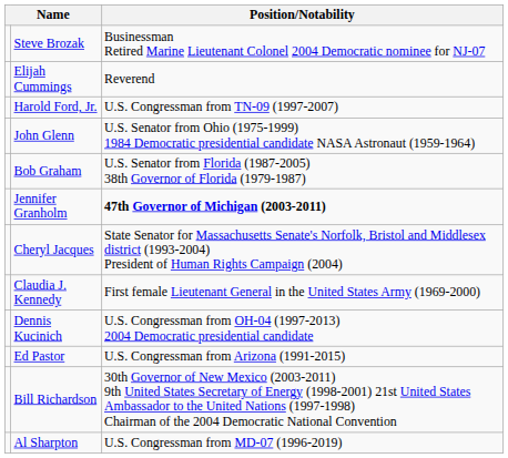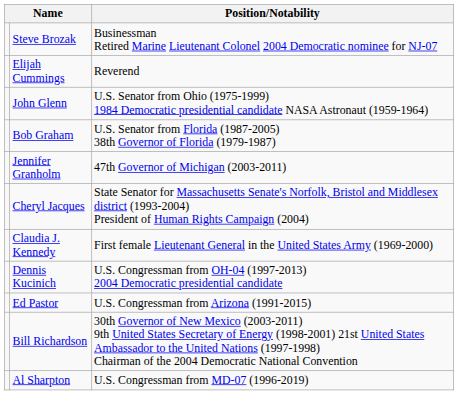 <table class="wikitable">
 <tr>
 <th colspan="2">Name</th>
 <th>Position/Notability</th>
 </tr>
 <tr>
 <td></td>
 <td><a href='#'>Steve Brozak</a></td>
 <td>Businessman<br>Retired <a href='#'>Marine</a> <a href='#'>Lieutenant Colonel</a> <a href='#'>2004 Democratic nominee</a> for <a href='#'>NJ-07</a></td>
 </tr>
 <tr>
 <td></td>
 <td><a href='#'>Elijah Cummings</a></td>
 <td>Reverend</td>
 </tr>
 <tr>
 <td></td>
-<td><a href='#'>Harold Ford, Jr.</a></td>
-<td>U.S. Congressman from <a href='#'>TN-09</a> (1997-2007)</td>
-</tr>
-<tr>
-<td></td>
 <td><a href='#'>John Glenn</a></td>
 <td>U.S. Senator from Ohio (1975-1999)<br><a href='#'>1984 Democratic presidential candidate</a> NASA Astronaut (1959-1964)</td>
 </tr>
 <tr>
 <td></td>
 <td><a href='#'>Bob Graham</a></td>
 <td>U.S. Senator from <a href='#'>Florida</a> (1987-2005)<br>38th <a href='#'>Governor of Florida</a> (1979-1987)</td>
 </tr>
 <tr>
 <td></td>
 <td><a href='#'>Jennifer Granholm</a></td>
-<td><strong>47th <a href='#'>Governor of Michigan</a> (2003-2011)</strong></td>
+<td>47th <a href='#'>Governor of Michigan</a> (2003-2011)</td>
 </tr>
 <tr>
 <td></td>
 <td><a href='#'>Cheryl Jacques</a></td>
 <td>State Senator for <a href='#'>Massachusetts Senate's Norfolk, Bristol and Middlesex district</a> (1993-2004)<br>President of <a href='#'>Human Rights Campaign</a> (2004)</td>
 </tr>
 <tr>
 <td></td>
 <td><a href='#'>Claudia J. Kennedy</a></td>
 <td>First female <a href='#'>Lieutenant General</a> in the <a href='#'>United States Army</a> (1969-2000)</td>
 </tr>
 <tr>
 <td></td>
 <td><a href='#'>Dennis Kucinich</a></td>
 <td>U.S. Congressman from <a href='#'>OH-04</a> (1997-2013)<br><a href='#'>2004 Democratic presidential candidate</a></td>
 </tr>
 <tr>
 <td></td>
 <td><a href='#'>Ed Pastor</a></td>
 <td>U.S. Congressman from <a href='#'>Arizona</a> (1991-2015)</td>
 </tr>
 <tr>
 <td></td>
 <td><a href='#'>Bill Richardson</a></td>
 <td>30th <a href='#'>Governor of New Mexico</a> (2003-2011)<br>9th <a href='#'>United States Secretary of Energy</a> (1998-2001) 21st <a href='#'>United States Ambassador to the United Nations</a> (1997-1998)<br>Chairman of the 2004 Democratic National Convention</td>
 </tr>
 <tr>
 <td></td>
 <td><a href='#'>Al Sharpton</a></td>
 <td>U.S. Congressman from <a href='#'>MD-07</a> (1996-2019)</td>
 </tr>
 </table>
